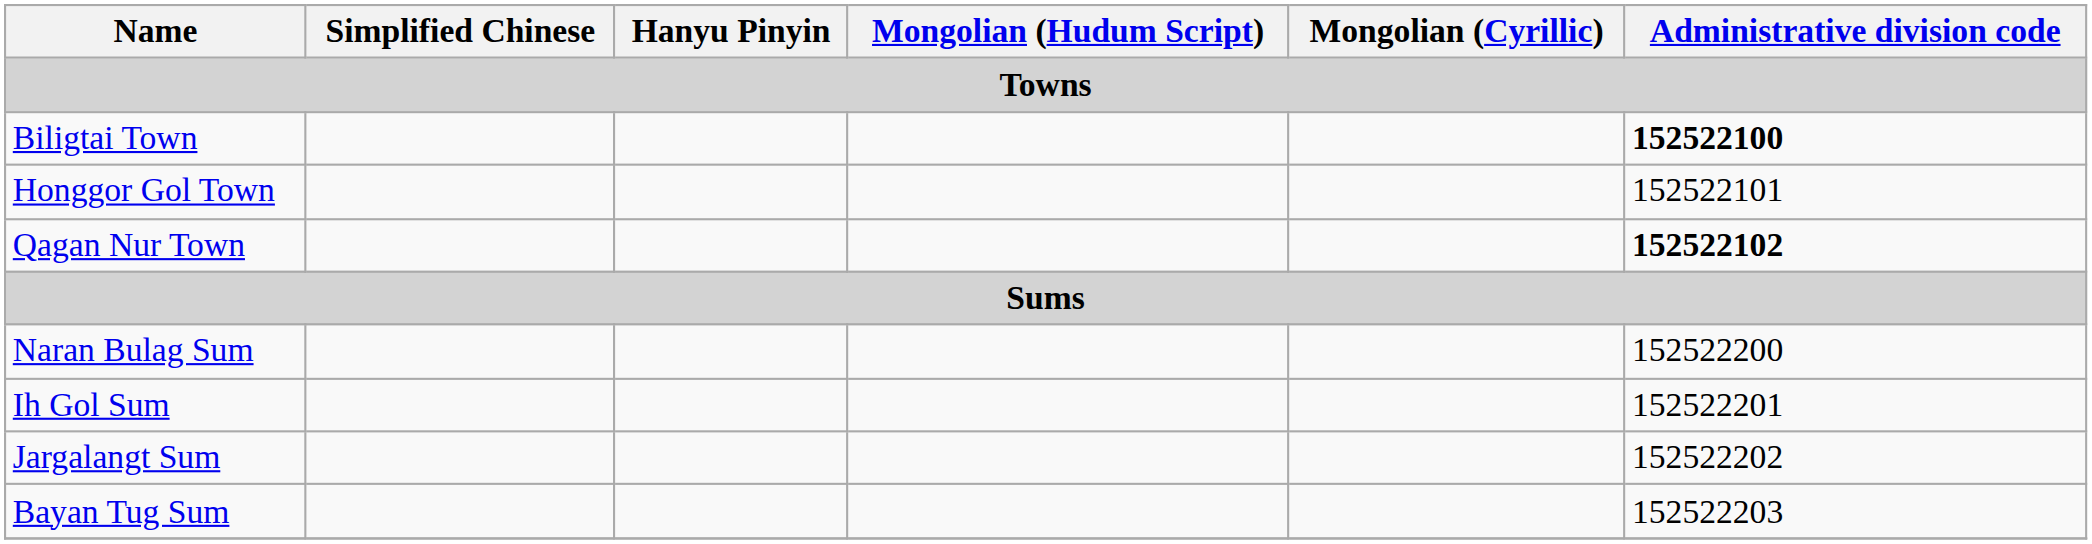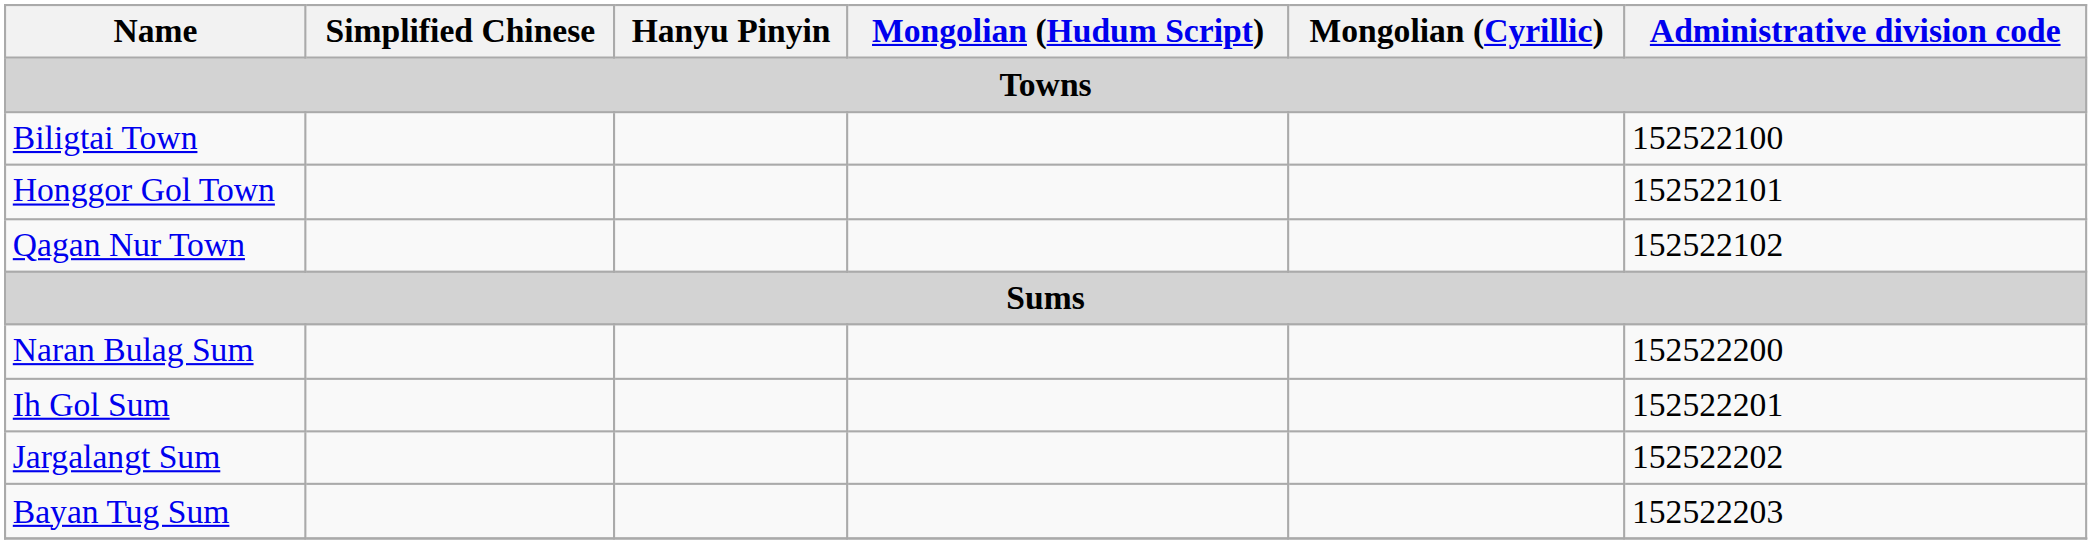 <table class="wikitable" align="center" style="width:50%; border="1">
 <tr>
 <th>Name</th>
 <th>Simplified Chinese</th>
 <th>Hanyu Pinyin</th>
 <th><a href='#'>Mongolian</a> (<a href='#'>Hudum Script</a>)</th>
 <th>Mongolian (<a href='#'>Cyrillic</a>)</th>
 <th><a href='#'>Administrative division code</a></th>
 </tr>
 <tr>
 <td colspan="6"  style="text-align:center; background:#d3d3d3;"><strong>Towns</strong></td>
 </tr>
 <tr --------->
 <td><a href='#'>Biligtai Town</a></td>
 <td></td>
 <td></td>
 <td></td>
 <td></td>
-<td><strong>152522100</strong></td>
+<td>152522100</td>
 </tr>
 <tr>
 <td><a href='#'>Honggor Gol Town</a></td>
 <td></td>
 <td></td>
 <td></td>
 <td></td>
 <td>152522101</td>
 </tr>
 <tr>
 <td><a href='#'>Qagan Nur Town</a></td>
 <td></td>
 <td></td>
 <td></td>
 <td></td>
-<td><strong>152522102</strong></td>
+<td>152522102</td>
 </tr>
 <tr>
 <td colspan="6"  style="text-align:center; background:#d3d3d3;"><strong>Sums</strong></td>
 </tr>
 <tr --------->
 <td><a href='#'>Naran Bulag Sum</a></td>
 <td></td>
 <td></td>
 <td></td>
 <td></td>
 <td>152522200</td>
 </tr>
 <tr>
 <td><a href='#'>Ih Gol Sum</a></td>
 <td></td>
 <td></td>
 <td></td>
 <td></td>
 <td>152522201</td>
 </tr>
 <tr>
 <td><a href='#'>Jargalangt Sum</a></td>
 <td></td>
 <td></td>
 <td></td>
 <td></td>
 <td>152522202</td>
 </tr>
 <tr>
 <td><a href='#'>Bayan Tug Sum</a></td>
 <td></td>
 <td></td>
 <td></td>
 <td></td>
 <td>152522203</td>
 </tr>
 <tr>
 </tr>
 </table>
